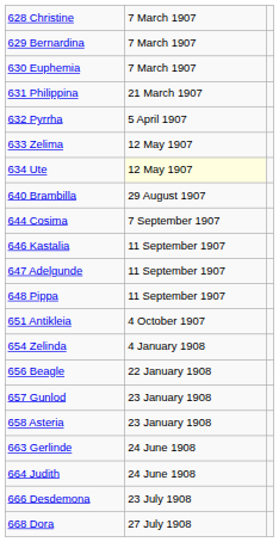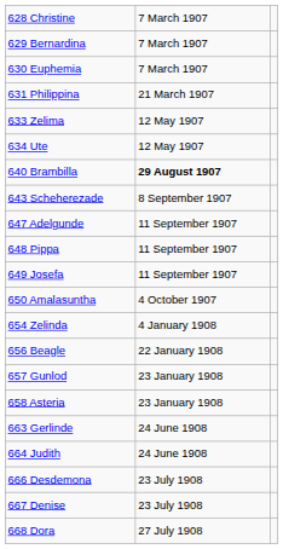 <table class="wikitable" style="font-size: 89%; float: left; width: 24em; margin-right: 1em; line-height: 1.65em !important; height: 675px;">
 <tr>
 <td><a href='#'>628 Christine</a></td>
 <td>7 March 1907</td>
 <td></td>
 </tr>
 <tr>
 <td><a href='#'>629 Bernardina</a></td>
 <td>7 March 1907</td>
 <td></td>
 </tr>
 <tr>
 <td><a href='#'>630 Euphemia</a></td>
 <td>7 March 1907</td>
 <td></td>
 </tr>
 <tr>
 <td><a href='#'>631 Philippina</a></td>
 <td>21 March 1907</td>
 <td></td>
 </tr>
 <tr>
-<td><a href='#'>632 Pyrrha</a></td>
-<td>5 April 1907</td>
-<td></td>
-</tr>
-<tr>
 <td><a href='#'>633 Zelima</a></td>
 <td>12 May 1907</td>
 <td></td>
 </tr>
 <tr>
 <td><a href='#'>634 Ute</a></td>
-<td style="background: lightyellow;">12 May 1907</td>
+<td>12 May 1907</td>
 <td></td>
 </tr>
 <tr>
 <td><a href='#'>640 Brambilla</a></td>
-<td>29 August 1907</td>
+<td><strong>29 August 1907</strong></td>
 <td></td>
 </tr>
 <tr>
-<td><a href='#'>644 Cosima</a></td>
-<td>7 September 1907</td>
-<td></td>
-</tr>
-<tr>
-<td><a href='#'>646 Kastalia</a></td>
-<td>11 September 1907</td>
+<td><a href='#'>643 Scheherezade</a></td>
+<td>8 September 1907</td>
 <td></td>
 </tr>
 <tr>
 <td><a href='#'>647 Adelgunde</a></td>
 <td>11 September 1907</td>
 <td></td>
 </tr>
 <tr>
 <td><a href='#'>648 Pippa</a></td>
 <td>11 September 1907</td>
 <td></td>
 </tr>
 <tr>
-<td><a href='#'>651 Antikleia</a></td>
+<td><a href='#'>649 Josefa</a></td>
+<td>11 September 1907</td>
+<td></td>
+</tr>
+<tr>
+<td><a href='#'>650 Amalasuntha</a></td>
 <td>4 October 1907</td>
 <td></td>
 </tr>
 <tr>
 <td><a href='#'>654 Zelinda</a></td>
 <td>4 January 1908</td>
 <td></td>
 </tr>
 <tr>
 <td><a href='#'>656 Beagle</a></td>
 <td>22 January 1908</td>
 <td></td>
 </tr>
 <tr>
 <td><a href='#'>657 Gunlod</a></td>
 <td>23 January 1908</td>
 <td></td>
 </tr>
 <tr>
 <td><a href='#'>658 Asteria</a></td>
 <td>23 January 1908</td>
 <td></td>
 </tr>
 <tr>
 <td><a href='#'>663 Gerlinde</a></td>
 <td>24 June 1908</td>
 <td></td>
 </tr>
 <tr>
 <td><a href='#'>664 Judith</a></td>
 <td>24 June 1908</td>
 <td></td>
 </tr>
 <tr>
 <td><a href='#'>666 Desdemona</a></td>
 <td>23 July 1908</td>
 <td></td>
 </tr>
 <tr>
+<td><a href='#'>667 Denise</a></td>
+<td>23 July 1908</td>
+<td></td>
+</tr>
+<tr>
 <td><a href='#'>668 Dora</a></td>
 <td>27 July 1908</td>
 <td></td>
 </tr>
 </table>
